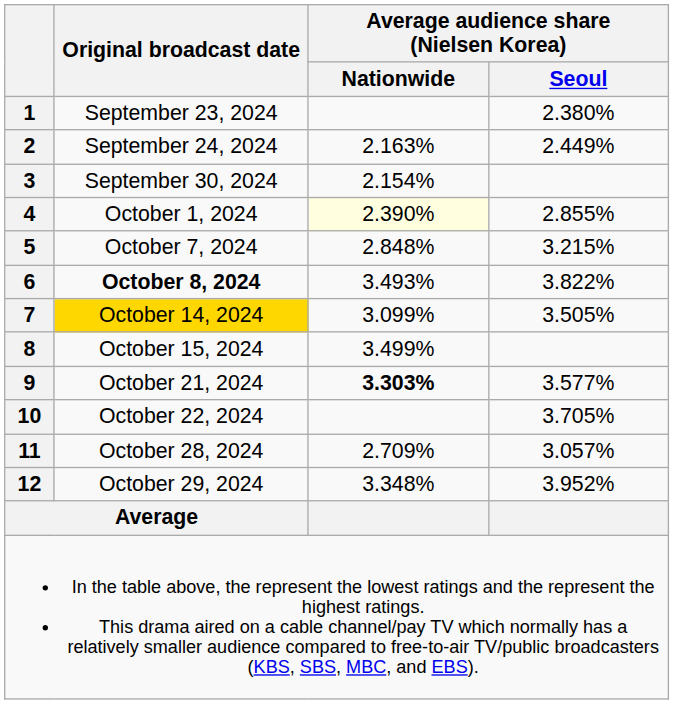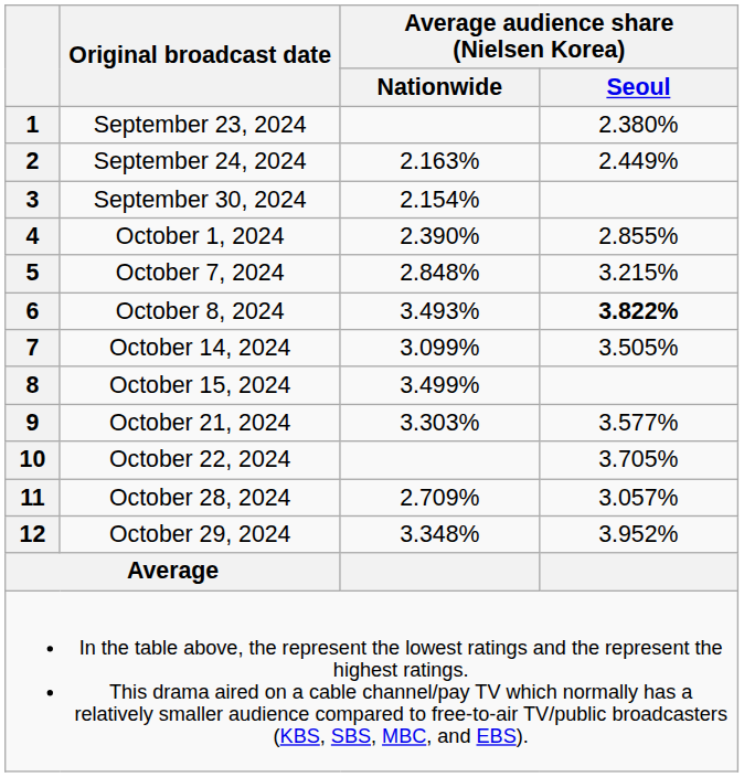 <table class="wikitable" style="margin-left:auto; margin-right:auto; width:500px; text-align:center">
 <tr>
 <th scope="col" rowspan="2"></th>
 <th scope="col" rowspan="2">Original broadcast date</th>
 <th scope="col" colspan="2">Average audience share<br>(Nielsen Korea)</th>
 </tr>
 <tr>
 <th scope="col" style="width:8em">Nationwide</th>
 <th scope="col" style="width:8em"><a href='#'>Seoul</a></th>
 </tr>
 <tr>
 <th scope="row">1</th>
 <td>September 23, 2024</td>
 <td><strong></strong> </td>
 <td>2.380% </td>
 </tr>
 <tr>
 <th scope="row">2</th>
 <td>September 24, 2024</td>
 <td>2.163% </td>
 <td>2.449% </td>
 </tr>
 <tr>
 <th scope="row">3</th>
 <td>September 30, 2024</td>
 <td>2.154% </td>
 <td><strong></strong> </td>
 </tr>
 <tr>
 <th scope="row">4</th>
 <td>October 1, 2024</td>
-<td style="background: lightyellow;">2.390% </td>
+<td>2.390% </td>
 <td>2.855% </td>
 </tr>
 <tr>
 <th scope="row">5</th>
 <td>October 7, 2024</td>
 <td>2.848% </td>
 <td>3.215% </td>
 </tr>
 <tr>
 <th scope="row">6</th>
-<td><strong>October 8, 2024</strong></td>
+<td>October 8, 2024</td>
 <td>3.493% </td>
-<td>3.822% </td>
+<td><strong>3.822% </strong></td>
 </tr>
 <tr>
 <th scope="row">7</th>
-<td style="background: gold;">October 14, 2024</td>
+<td>October 14, 2024</td>
 <td>3.099% </td>
 <td>3.505% </td>
 </tr>
 <tr>
 <th scope="row">8</th>
 <td>October 15, 2024</td>
 <td>3.499% </td>
 <td><strong></strong> </td>
 </tr>
 <tr>
 <th scope="row">9</th>
 <td>October 21, 2024</td>
-<td><strong>3.303% </strong></td>
+<td>3.303% </td>
 <td>3.577% </td>
 </tr>
 <tr>
 <th scope="row">10</th>
 <td>October 22, 2024</td>
 <td><strong></strong> </td>
 <td>3.705% </td>
 </tr>
 <tr>
 <th scope="row">11</th>
 <td>October 28, 2024</td>
 <td>2.709% </td>
 <td>3.057% </td>
 </tr>
 <tr>
 <th scope="row">12</th>
 <td>October 29, 2024</td>
 <td>3.348% </td>
 <td>3.952% </td>
 </tr>
 <tr>
 <th scope="col" colspan="2">Average</th>
 <th scope="col"></th>
 <th scope="col"></th>
 </tr>
 <tr>
 <td colspan="4" style="font-size:85%"><br><ul><li>In the table above, the <strong></strong> represent the lowest ratings and the <strong></strong> represent the highest ratings.</li><li>This drama aired on a cable channel/pay TV which normally has a relatively smaller audience compared to free-to-air TV/public broadcasters (<a href='#'>KBS</a>, <a href='#'>SBS</a>, <a href='#'>MBC</a>, and <a href='#'>EBS</a>).</li></ul></td>
 </tr>
 </table>
